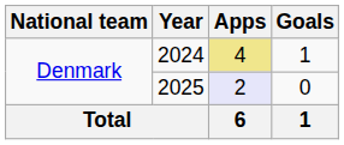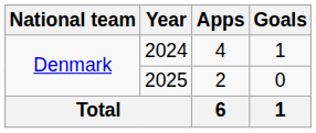 <table class="wikitable" style="text-align:center">
 <tr>
 <th>National team</th>
 <th>Year</th>
 <th>Apps</th>
 <th>Goals</th>
 </tr>
 <tr>
 <td rowspan="2"><a href='#'>Denmark</a></td>
 <td>2024</td>
-<td style="background: khaki;">4</td>
+<td>4</td>
 <td>1</td>
 </tr>
 <tr>
 <td>2025</td>
-<td style="background: lavender;">2</td>
+<td>2</td>
 <td>0</td>
 </tr>
 <tr>
 <th colspan="2">Total</th>
 <th>6</th>
 <th>1</th>
 </tr>
 </table>
